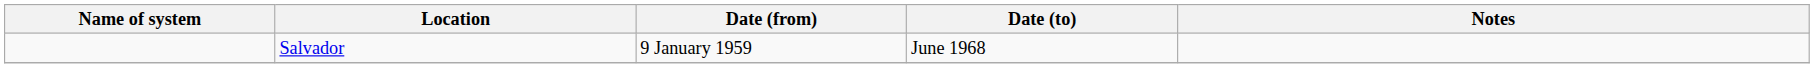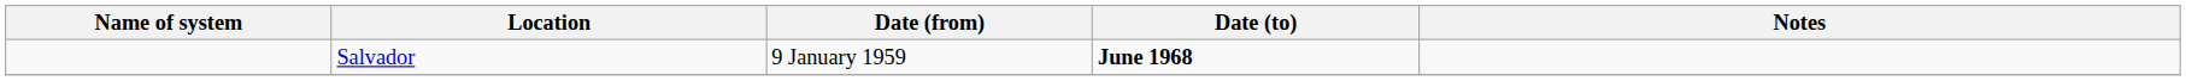 <table class="wikitable" width=100%>
 <tr>
 <th width=15%>Name of system</th>
 <th width=20%>Location</th>
 <th width=15%>Date (from)</th>
 <th width=15%>Date (to)</th>
 <th width=35%>Notes</th>
 </tr>
 <tr>
 <td> </td>
 <td><a href='#'>Salvador</a></td>
 <td>9 January 1959</td>
-<td>June 1968</td>
+<td><strong>June 1968</strong></td>
 <td> </td>
 </tr>
 <tr>
 </tr>
 </table>
